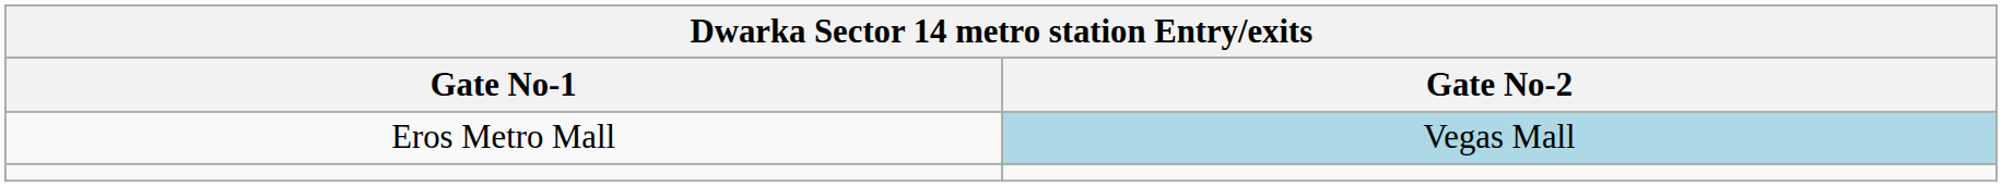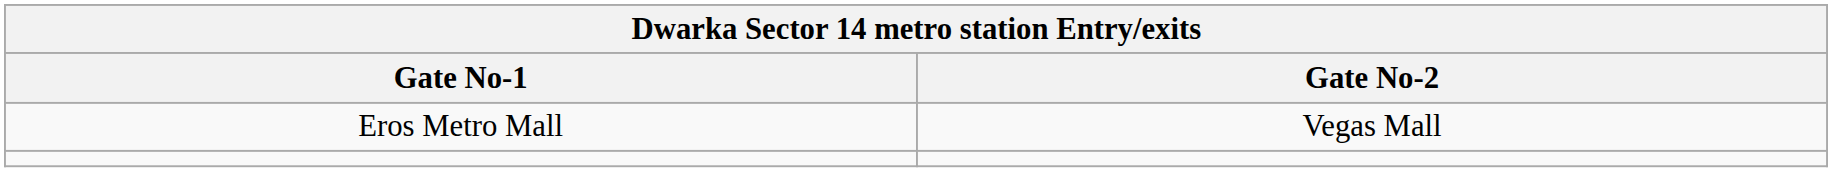 <table class="wikitable" style="text-align: center;" width="60%">
 <tr>
 <th align="center" colspan="5" style="background:#"><span>Dwarka Sector 14 metro station Entry/exits</span></th>
 </tr>
 <tr>
 <th style="width:30%;">Gate No-1</th>
 <th style="width:30%;">Gate No-2</th>
 </tr>
 <tr>
 <td>Eros Metro Mall</td>
-<td style="background: lightblue;">Vegas Mall</td>
+<td>Vegas Mall</td>
 </tr>
 <tr>
 <td></td>
 <td></td>
 </tr>
 </table>
